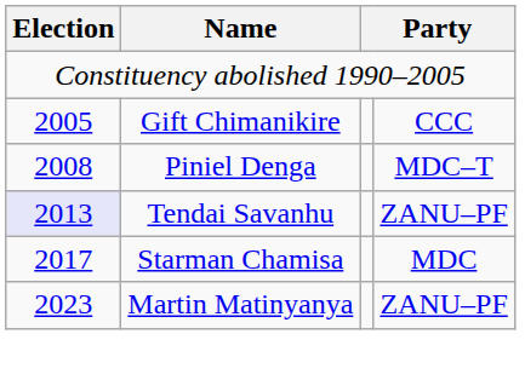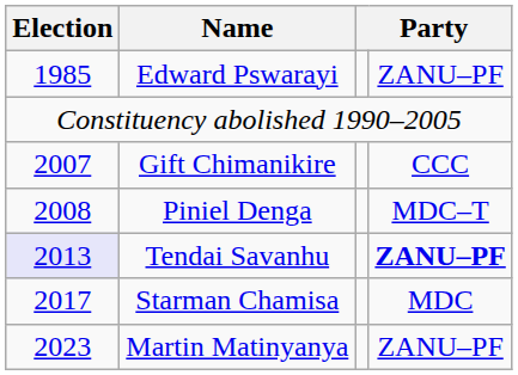 <table class="wikitable" style="text-align:center">
 <tr>
 <th>Election</th>
 <th>Name</th>
 <th colspan="2">Party</th>
 </tr>
 <tr>
+<td><a href='#'>1985</a></td>
+<td><a href='#'>Edward Pswarayi</a></td>
+<td style="background-color: "></td>
+<td><a href='#'>ZANU–PF</a></td>
+</tr>
+<tr>
 <td colspan="4"><em>Constituency abolished 1990–2005</em></td>
 </tr>
 <tr>
-<td><a href='#'>2005</a></td>
+<td><a href='#'>2007</a></td>
 <td><a href='#'>Gift Chimanikire</a></td>
 <td style="background-color: "></td>
 <td><a href='#'>CCC</a></td>
 </tr>
 <tr>
 <td><a href='#'>2008</a></td>
 <td><a href='#'>Piniel Denga</a></td>
 <td style="background-color: "></td>
 <td><a href='#'>MDC–T</a></td>
 </tr>
 <tr>
 <td style="background: lavender;"><a href='#'>2013</a></td>
 <td><a href='#'>Tendai Savanhu</a></td>
 <td style="background-color: "></td>
-<td><a href='#'>ZANU–PF</a></td>
+<td><strong><a href='#'>ZANU–PF</a></strong></td>
 </tr>
 <tr>
 <td><a href='#'>2017</a></td>
 <td><a href='#'>Starman Chamisa</a></td>
 <td style="background-color: "></td>
 <td><a href='#'>MDC</a></td>
 </tr>
 <tr>
 <td><a href='#'>2023</a></td>
 <td><a href='#'>Martin Matinyanya</a></td>
 <td style="background-color: "></td>
 <td><a href='#'>ZANU–PF</a></td>
 </tr>
 </table>
